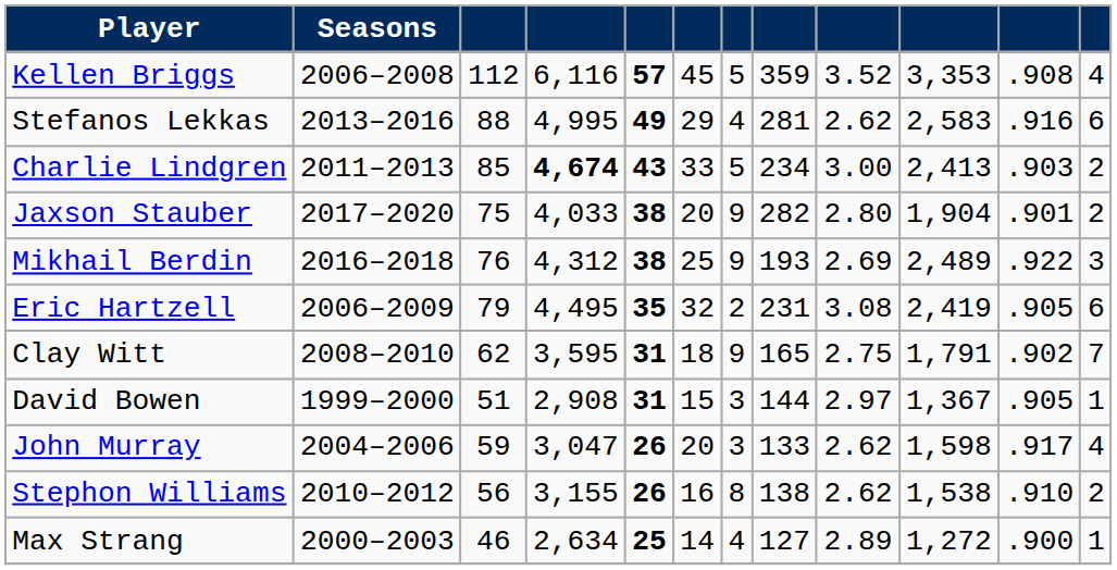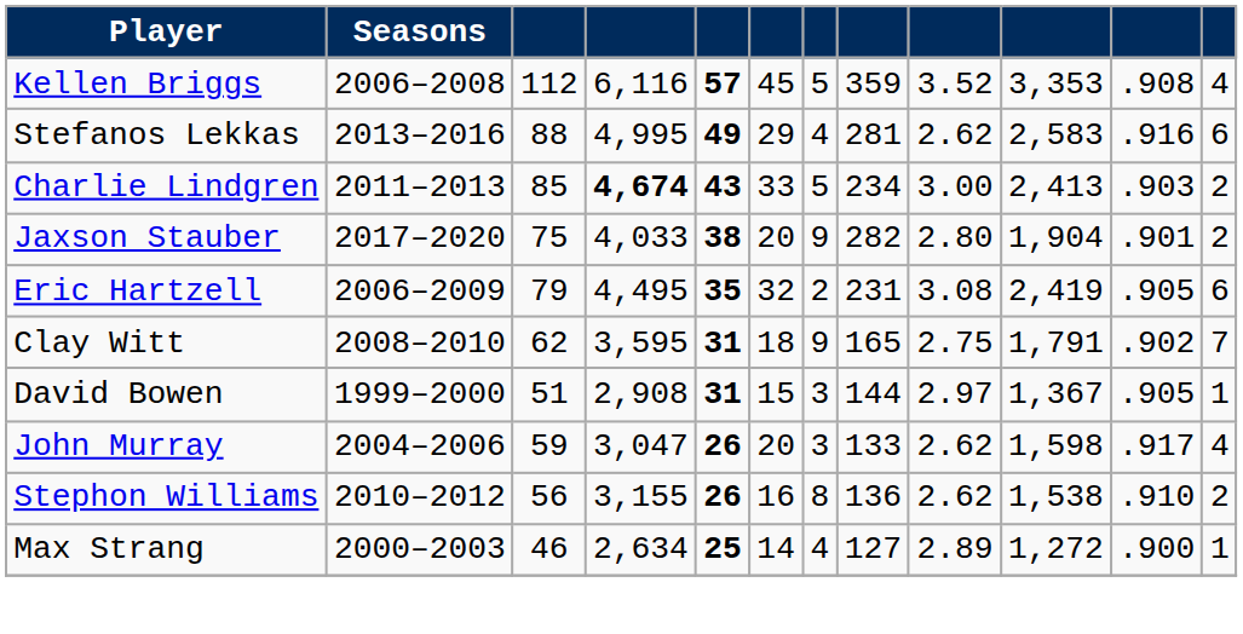 <table class="wikitable" style="text-align:center;">
 <tr>
 <th class=unsortable style="background:#002b5c; color:#ffffff;">Player</th>
 <th class=unsortable style="background:#002b5c; color:#ffffff;">Seasons</th>
 <th style="background:#002b5c; color:#ffffff;"></th>
 <th style="background:#002b5c; color:#ffffff;"></th>
 <th style="background:#002b5c; color:#ffffff;"></th>
 <th style="background:#002b5c; color:#ffffff;"></th>
 <th style="background:#002b5c; color:#ffffff;"></th>
 <th style="background:#002b5c; color:#ffffff;"></th>
 <th style="background:#002b5c; color:#ffffff;"></th>
 <th style="background:#002b5c; color:#ffffff;"></th>
 <th style="background:#002b5c; color:#ffffff;"></th>
 <th style="background:#002b5c; color:#ffffff;"></th>
 </tr>
 <tr>
 <td style="text-align:left;"><a href='#'>Kellen Briggs</a></td>
 <td>2006–2008</td>
 <td>112</td>
 <td>6,116</td>
 <td><strong>57</strong></td>
 <td>45</td>
 <td>5</td>
 <td>359</td>
 <td>3.52</td>
 <td>3,353</td>
 <td>.908</td>
 <td>4</td>
 </tr>
 <tr>
 <td style="text-align:left;">Stefanos Lekkas</td>
 <td>2013–2016</td>
 <td>88</td>
 <td>4,995</td>
 <td><strong>49</strong></td>
 <td>29</td>
 <td>4</td>
 <td>281</td>
 <td>2.62</td>
 <td>2,583</td>
 <td>.916</td>
 <td>6</td>
 </tr>
 <tr>
 <td style="text-align:left;"><a href='#'>Charlie Lindgren</a></td>
 <td>2011–2013</td>
 <td>85</td>
 <td><strong>4,674</strong></td>
 <td><strong>43</strong></td>
 <td>33</td>
 <td>5</td>
 <td>234</td>
 <td>3.00</td>
 <td>2,413</td>
 <td>.903</td>
 <td>2</td>
 </tr>
 <tr>
 <td style="text-align:left;"><a href='#'>Jaxson Stauber</a></td>
 <td>2017–2020</td>
 <td>75</td>
 <td>4,033</td>
 <td><strong>38</strong></td>
 <td>20</td>
 <td>9</td>
 <td>282</td>
 <td>2.80</td>
 <td>1,904</td>
 <td>.901</td>
 <td>2</td>
 </tr>
 <tr>
-<td style="text-align:left;"><a href='#'>Mikhail Berdin</a></td>
-<td>2016–2018</td>
-<td>76</td>
-<td>4,312</td>
-<td><strong>38</strong></td>
-<td>25</td>
-<td>9</td>
-<td>193</td>
-<td>2.69</td>
-<td>2,489</td>
-<td>.922</td>
-<td>3</td>
-</tr>
-<tr>
 <td style="text-align:left;"><a href='#'>Eric Hartzell</a></td>
 <td>2006–2009</td>
 <td>79</td>
 <td>4,495</td>
 <td><strong>35</strong></td>
 <td>32</td>
 <td>2</td>
 <td>231</td>
 <td>3.08</td>
 <td>2,419</td>
 <td>.905</td>
 <td>6</td>
 </tr>
 <tr>
 <td style="text-align:left;">Clay Witt</td>
 <td>2008–2010</td>
 <td>62</td>
 <td>3,595</td>
 <td><strong>31</strong></td>
 <td>18</td>
 <td>9</td>
 <td>165</td>
 <td>2.75</td>
 <td>1,791</td>
 <td>.902</td>
 <td>7</td>
 </tr>
 <tr>
 <td style="text-align:left;">David Bowen</td>
 <td>1999–2000</td>
 <td>51</td>
 <td>2,908</td>
 <td><strong>31</strong></td>
 <td>15</td>
 <td>3</td>
 <td>144</td>
 <td>2.97</td>
 <td>1,367</td>
 <td>.905</td>
 <td>1</td>
 </tr>
 <tr>
 <td style="text-align:left;"><a href='#'>John Murray</a></td>
 <td>2004–2006</td>
 <td>59</td>
 <td>3,047</td>
 <td><strong>26</strong></td>
 <td>20</td>
 <td>3</td>
 <td>133</td>
 <td>2.62</td>
 <td>1,598</td>
 <td>.917</td>
 <td>4</td>
 </tr>
 <tr>
 <td style="text-align:left;"><a href='#'>Stephon Williams</a></td>
 <td>2010–2012</td>
 <td>56</td>
 <td>3,155</td>
 <td><strong>26</strong></td>
 <td>16</td>
 <td>8</td>
-<td>138</td>
+<td>136</td>
 <td>2.62</td>
 <td>1,538</td>
 <td>.910</td>
 <td>2</td>
 </tr>
 <tr>
 <td style="text-align:left;">Max Strang</td>
 <td>2000–2003</td>
 <td>46</td>
 <td>2,634</td>
 <td><strong>25</strong></td>
 <td>14</td>
 <td>4</td>
 <td>127</td>
 <td>2.89</td>
 <td>1,272</td>
 <td>.900</td>
 <td>1</td>
 </tr>
 <tr>
 </tr>
 </table>
